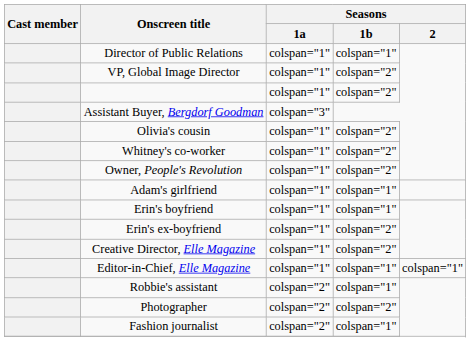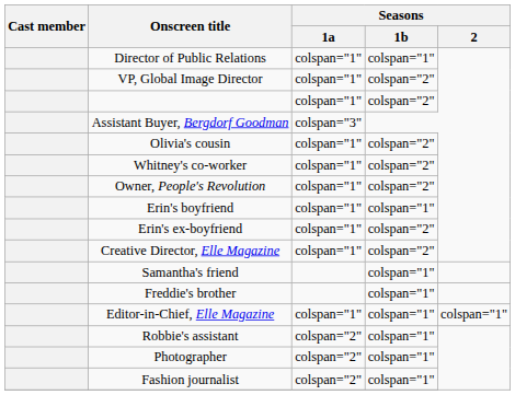 <table class="wikitable sortable" style="text-align:center">
 <tr>
 <th rowspan="2">Cast member</th>
 <th rowspan="2">Onscreen title</th>
 <th colspan="3">Seasons</th>
 </tr>
 <tr>
 <th>1a</th>
 <th>1b</th>
 <th>2</th>
 </tr>
 <tr>
 <th scope="row"></th>
 <td>Director of Public Relations</td>
 <td>colspan="1" </td>
 <td>colspan="1" </td>
 </tr>
 <tr>
 <th scope="row"></th>
 <td>VP, Global Image Director</td>
 <td>colspan="1" </td>
 <td>colspan="2" </td>
 </tr>
 <tr>
 <th scope="row"></th>
 <td></td>
 <td>colspan="1" </td>
 <td>colspan="2" </td>
 </tr>
 <tr>
 <th scope="row"></th>
 <td>Assistant Buyer, <em><a href='#'>Bergdorf Goodman</a></em></td>
 <td>colspan="3" </td>
 </tr>
 <tr>
 <th scope="row"></th>
 <td>Olivia's cousin</td>
 <td>colspan="1" </td>
 <td>colspan="2" </td>
 </tr>
 <tr>
 <th scope="row"></th>
 <td>Whitney's co-worker</td>
 <td>colspan="1" </td>
 <td>colspan="2" </td>
 </tr>
 <tr>
 <th scope="row"></th>
 <td>Owner, <em>People's Revolution</em></td>
 <td>colspan="1" </td>
 <td>colspan="2" </td>
 </tr>
 <tr>
 <th scope="row"></th>
-<td>Adam's girlfriend</td>
-<td>colspan="1" </td>
-<td>colspan="1" </td>
-<td></td>
-</tr>
-<tr>
-<th scope="row"></th>
 <td>Erin's boyfriend</td>
 <td>colspan="1" </td>
 <td>colspan="1" </td>
 </tr>
 <tr>
 <th scope="row"></th>
 <td>Erin's ex-boyfriend</td>
 <td>colspan="1" </td>
 <td>colspan="2" </td>
 </tr>
 <tr>
 <th scope="row"></th>
 <td>Creative Director, <em><a href='#'>Elle Magazine</a></em></td>
 <td>colspan="1" </td>
 <td>colspan="2" </td>
 </tr>
 <tr>
 <th scope="row"></th>
+<td>Samantha's friend</td>
+<td></td>
+<td>colspan="1" </td>
+<td></td>
+</tr>
+<tr>
+<th scope="row"></th>
+<td>Freddie's brother</td>
+<td></td>
+<td>colspan="1" </td>
+<td></td>
+</tr>
+<tr>
+<th scope="row"></th>
 <td>Editor-in-Chief, <em><a href='#'>Elle Magazine</a></em></td>
 <td>colspan="1" </td>
 <td>colspan="1" </td>
 <td>colspan="1" </td>
 </tr>
 <tr>
 <th scope="row"></th>
 <td>Robbie's assistant</td>
 <td>colspan="2" </td>
 <td>colspan="1" </td>
 </tr>
 <tr>
 <th scope="row"></th>
 <td>Photographer</td>
 <td>colspan="2" </td>
-<td>colspan="2" </td>
+<td>colspan="1" </td>
 </tr>
 <tr>
 <th scope="row"></th>
 <td>Fashion journalist</td>
 <td>colspan="2" </td>
 <td>colspan="1" </td>
 </tr>
 <tr>
 </tr>
 </table>
